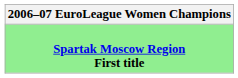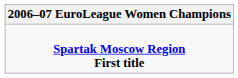 <table class=wikitable style="text-align:center; margin:auto">
 <tr>
 <th>2006–07 EuroLeague Women Champions</th>
 </tr>
 <tr>
-<td style="background: lightgreen;"> <br> <strong><a href='#'>Spartak Moscow Region</a></strong> <br> <strong>First title</strong></td>
+<td> <br> <strong><a href='#'>Spartak Moscow Region</a></strong> <br> <strong>First title</strong></td>
 </tr>
 </table>
